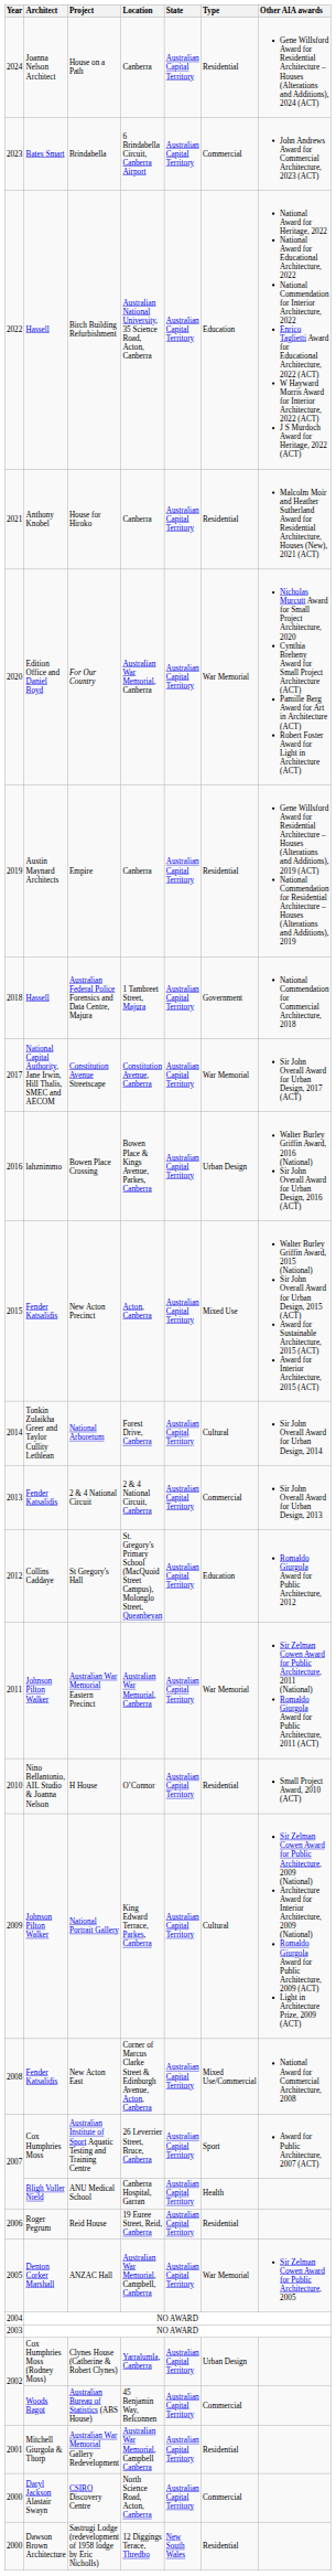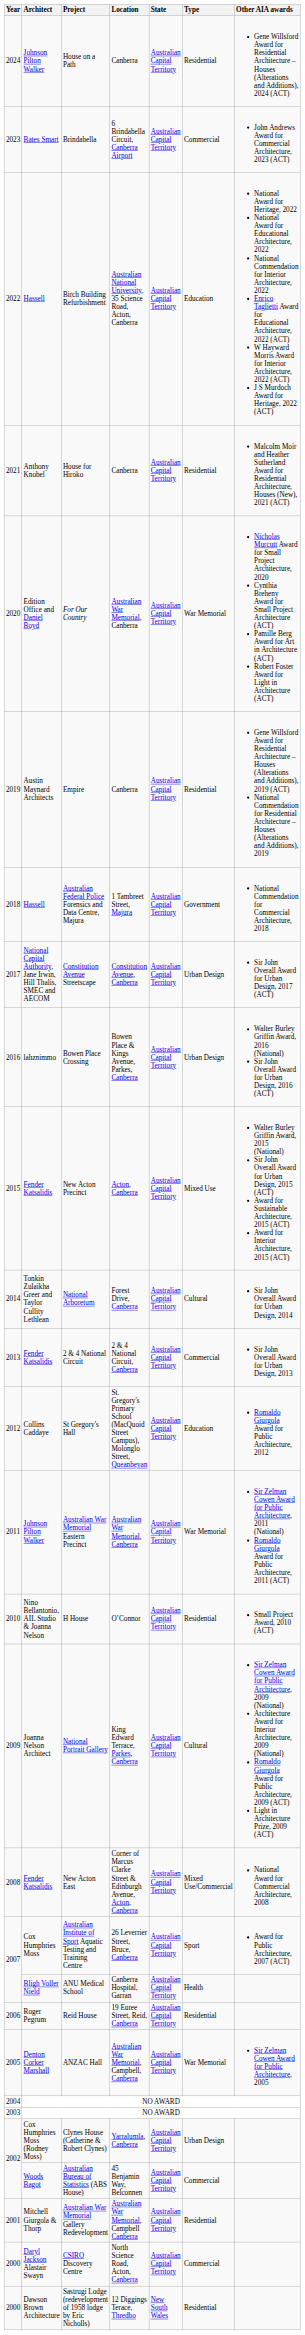 <table class="wikitable sortable">
 <tr>
 <th style="text-align:left;">Year</th>
 <th style="text-align:left;">Architect</th>
 <th style="text-align:left;">Project</th>
 <th style="text-align:left;">Location</th>
 <th style="text-align:left;">State</th>
 <th style="text-align:left;">Type</th>
 <th style="text-align:left;">Other AIA awards</th>
 </tr>
 <tr>
 <td>2024</td>
-<td>Joanna Nelson Architect</td>
+<td><a href='#'>Johnson Pilton Walker</a></td>
 <td>House on a Path</td>
 <td>Canberra</td>
 <td><a href='#'>Australian Capital Territory</a></td>
 <td>Residential</td>
 <td><br><ul><li>Gene Willsford Award for Residential Architecture – Houses (Alterations and Additions), 2024 (ACT)</li></ul></td>
 </tr>
 <tr>
 <td>2023</td>
 <td><a href='#'>Bates Smart</a></td>
 <td>Brindabella</td>
 <td>6 Brindabella Circuit, <a href='#'>Canberra Airport</a></td>
 <td><a href='#'>Australian Capital Territory</a></td>
 <td>Commercial</td>
 <td><br><ul><li>John Andrews Award for Commercial Architecture, 2023 (ACT)</li></ul></td>
 </tr>
 <tr>
 <td>2022</td>
 <td><a href='#'>Hassell</a></td>
 <td>Birch Building Refurbishment</td>
 <td><a href='#'>Australian National University</a>, 35 Science Road, Acton, Canberra</td>
 <td><a href='#'>Australian Capital Territory</a></td>
 <td>Education</td>
 <td><br><ul><li>National Award for Heritage, 2022</li><li>National Award for Educational Architecture, 2022</li><li>National Commendation for Interior Architecture, 2022</li><li><a href='#'>Enrico Taglietti</a> Award for Educational Architecture, 2022 (ACT)</li><li>W Hayward Morris Award for Interior Architecture, 2022 (ACT)</li><li>J S Murdoch Award for Heritage, 2022 (ACT)</li></ul></td>
 </tr>
 <tr>
 <td>2021</td>
 <td>Anthony Knobel</td>
 <td>House for Hiroko</td>
 <td>Canberra</td>
 <td><a href='#'>Australian Capital Territory</a></td>
 <td>Residential</td>
 <td><br><ul><li>Malcolm Moir and Heather Sutherland Award for Residential Architecture, Houses (New), 2021 (ACT)</li></ul></td>
 </tr>
 <tr>
 <td>2020</td>
 <td>Edition Office and <a href='#'>Daniel Boyd</a></td>
 <td><em>For Our Country</em></td>
 <td><a href='#'>Australian War Memorial</a>, Canberra</td>
 <td><a href='#'>Australian Capital Territory</a></td>
 <td>War Memorial</td>
 <td><br><ul><li><a href='#'>Nicholas Murcutt</a> Award for Small Project Architecture, 2020</li><li>Cynthia Breheny Award for Small Project Architecture (ACT)</li><li>Pamille Berg Award for Art in Architecture (ACT)</li><li>Robert Foster Award for Light in Architecture (ACT)</li></ul></td>
 </tr>
 <tr>
 <td>2019</td>
 <td>Austin Maynard Architects</td>
 <td>Empire</td>
 <td>Canberra</td>
 <td><a href='#'>Australian Capital Territory</a></td>
 <td>Residential</td>
 <td><br><ul><li>Gene Willsford Award for Residential Architecture – Houses (Alterations and Additions), 2019 (ACT)</li><li>National Commendation for Residential Architecture – Houses (Alterations and Additions), 2019</li></ul></td>
 </tr>
 <tr>
 <td>2018</td>
 <td><a href='#'>Hassell</a></td>
 <td><a href='#'>Australian Federal Police</a> Forensics and Data Centre, Majura</td>
 <td>1 Tambreet Street, <a href='#'>Majura</a></td>
 <td><a href='#'>Australian Capital Territory</a></td>
 <td>Government</td>
 <td><br><ul><li>National Commendation for Commercial Architecture, 2018</li></ul></td>
 </tr>
 <tr>
 <td>2017</td>
 <td><a href='#'>National Capital Authority</a>, Jane Irwin, Hill Thalis, SMEC and AECOM</td>
 <td><a href='#'>Constitution Avenue</a> Streetscape</td>
 <td><a href='#'>Constitution Avenue</a>, <a href='#'>Canberra</a></td>
 <td><a href='#'>Australian Capital Territory</a></td>
-<td>War Memorial</td>
+<td>Urban Design</td>
 <td><br><ul><li>Sir John Overall Award for Urban Design, 2017 (ACT)</li></ul></td>
 </tr>
 <tr>
 <td>2016</td>
 <td>lahznimmo</td>
 <td>Bowen Place Crossing</td>
 <td>Bowen Place & Kings Avenue, Parkes, <a href='#'>Canberra</a></td>
 <td><a href='#'>Australian Capital Territory</a></td>
 <td>Urban Design</td>
 <td><br><ul><li>Walter Burley Griffin Award, 2016 (National)</li><li>Sir John Overall Award for Urban Design, 2016 (ACT)</li></ul></td>
 </tr>
 <tr>
 <td>2015</td>
 <td><a href='#'>Fender Katsalidis</a></td>
 <td>New Acton Precinct</td>
 <td><a href='#'>Acton</a>, <a href='#'>Canberra</a></td>
 <td><a href='#'>Australian Capital Territory</a></td>
 <td>Mixed Use</td>
 <td><br><ul><li>Walter Burley Griffin Award, 2015 (National)</li><li>Sir John Overall Award for Urban Design, 2015 (ACT)</li><li>Award for Sustainable Architecture, 2015 (ACT)</li><li>Award for Interior Architecture, 2015 (ACT)</li></ul></td>
 </tr>
 <tr>
 <td>2014</td>
 <td>Tonkin Zulaikha Greer and Taylor Cullity Lethlean</td>
 <td><a href='#'>National Arboretum</a></td>
 <td>Forest Drive, <a href='#'>Canberra</a></td>
 <td><a href='#'>Australian Capital Territory</a></td>
 <td>Cultural</td>
 <td><br><ul><li>Sir John Overall Award for Urban Design, 2014</li></ul></td>
 </tr>
 <tr>
 <td>2013</td>
 <td><a href='#'>Fender Katsalidis</a></td>
 <td>2 & 4 National Circuit</td>
 <td>2 & 4 National Circuit, <a href='#'>Canberra</a></td>
 <td><a href='#'>Australian Capital Territory</a></td>
 <td>Commercial</td>
 <td><br><ul><li>Sir John Overall Award for Urban Design, 2013</li></ul></td>
 </tr>
 <tr>
 <td>2012</td>
 <td>Collins Caddaye</td>
 <td>St Gregory's Hall</td>
 <td>St. Gregory's Primary School (MacQuoid Street Campus), Molonglo Street, <a href='#'>Queanbeyan</a></td>
 <td><a href='#'>Australian Capital Territory</a></td>
 <td>Education</td>
 <td><br><ul><li><a href='#'>Romaldo Giurgola</a> Award for Public Architecture, 2012</li></ul></td>
 </tr>
 <tr>
 <td>2011</td>
 <td><a href='#'>Johnson Pilton Walker</a></td>
 <td><a href='#'>Australian War Memorial</a> Eastern Precinct</td>
 <td><a href='#'>Australian War Memorial</a>, <a href='#'>Canberra</a></td>
 <td><a href='#'>Australian Capital Territory</a></td>
 <td>War Memorial</td>
 <td><br><ul><li><a href='#'>Sir Zelman Cowen Award for Public Architecture</a>, 2011 (National)</li><li><a href='#'>Romaldo Giurgola</a> Award for Public Architecture, 2011 (ACT)</li></ul></td>
 </tr>
 <tr>
 <td>2010</td>
 <td>Nino Bellantonio, AIL Studio & Joanna Nelson</td>
 <td>H House</td>
 <td>O’Connor</td>
 <td><a href='#'>Australian Capital Territory</a></td>
 <td>Residential</td>
 <td><br><ul><li>Small Project Award, 2010 (ACT)</li></ul></td>
 </tr>
 <tr>
 <td>2009</td>
-<td><a href='#'>Johnson Pilton Walker</a></td>
+<td>Joanna Nelson Architect</td>
 <td><a href='#'>National Portrait Gallery</a></td>
 <td>King Edward Terrace, <a href='#'>Parkes</a>, <a href='#'>Canberra</a></td>
 <td><a href='#'>Australian Capital Territory</a></td>
 <td>Cultural</td>
 <td><br><ul><li><a href='#'>Sir Zelman Cowen Award for Public Architecture</a>, 2009 (National)</li><li>Architecture Award for Interior Architecture, 2009 (National)</li><li><a href='#'>Romaldo Giurgola</a> Award for Public Architecture, 2009 (ACT)</li><li>Light in Architecture Prize, 2009 (ACT)</li></ul></td>
 </tr>
 <tr>
 <td>2008</td>
 <td><a href='#'>Fender Katsalidis</a></td>
 <td>New Acton East</td>
 <td>Corner of Marcus Clarke Street & Edinburgh Avenue, <a href='#'>Acton</a>, <a href='#'>Canberra</a></td>
 <td><a href='#'>Australian Capital Territory</a></td>
 <td>Mixed Use/Commercial</td>
 <td><br><ul><li>National Award for Commercial Architecture, 2008</li></ul></td>
 </tr>
 <tr>
 <td rowspan=2>2007</td>
 <td>Cox Humphries Moss</td>
 <td><a href='#'>Australian Institute of Sport</a> Aquatic Testing and Training Centre</td>
 <td>26 Leverrier Street, Bruce, <a href='#'>Canberra</a></td>
 <td><a href='#'>Australian Capital Territory</a></td>
 <td>Sport</td>
 <td><br><ul><li>Award for Public Architecture, 2007 (ACT)</li></ul></td>
 </tr>
 <tr>
 <td><a href='#'>Bligh Voller Nield</a></td>
 <td>ANU Medical School</td>
 <td>Canberra Hospital, Garran</td>
 <td><a href='#'>Australian Capital Territory</a></td>
 <td>Health</td>
 <td></td>
 </tr>
 <tr>
 <td>2006</td>
 <td>Roger Pegrum</td>
 <td>Reid House</td>
 <td>19 Euree Street, Reid, <a href='#'>Canberra</a></td>
 <td><a href='#'>Australian Capital Territory</a></td>
 <td>Residential</td>
 <td></td>
 </tr>
 <tr>
 <td>2005</td>
 <td><a href='#'>Denton Corker Marshall</a></td>
 <td>ANZAC Hall</td>
 <td><a href='#'>Australian War Memorial</a>, Campbell, <a href='#'>Canberra</a></td>
 <td><a href='#'>Australian Capital Territory</a></td>
 <td>War Memorial</td>
 <td><br><ul><li><a href='#'>Sir Zelman Cowen Award for Public Architecture</a>, 2005</li></ul></td>
 </tr>
 <tr style="background: white;">
 <td>2004</td>
 <td colspan=6 align=center>NO AWARD</td>
 </tr>
 <tr style="background: white;">
 <td>2003</td>
 <td colspan=6 align=center>NO AWARD</td>
 </tr>
 <tr>
 <td rowspan=2>2002</td>
 <td>Cox Humphries Moss <br>(Rodney Moss)</td>
 <td>Clynes House (Catherine & Robert Clynes)</td>
 <td><a href='#'>Yarralumla</a>, <a href='#'>Canberra</a></td>
 <td><a href='#'>Australian Capital Territory</a></td>
 <td>Urban Design</td>
 <td></td>
 </tr>
 <tr>
 <td><a href='#'>Woods Bagot</a></td>
 <td><a href='#'>Australian Bureau of Statistics</a> (ABS House)</td>
 <td>45 Benjamin Way, Belconnen</td>
 <td><a href='#'>Australian Capital Territory</a></td>
 <td>Commercial</td>
 <td></td>
 </tr>
 <tr>
 <td>2001</td>
 <td>Mitchell Giurgola & Thorp</td>
 <td><a href='#'>Australian War Memorial</a> Gallery Redevelopment</td>
 <td><a href='#'>Australian War Memorial</a>, Campbell <a href='#'>Canberra</a></td>
 <td><a href='#'>Australian Capital Territory</a></td>
 <td>Residential</td>
 <td></td>
 </tr>
 <tr>
 <td>2000</td>
 <td><a href='#'>Daryl Jackson</a> Alastair Swayn</td>
 <td><a href='#'>CSIRO</a> Discovery Centre</td>
 <td>North Science Road, Acton, <a href='#'>Canberra</a></td>
 <td><a href='#'>Australian Capital Territory</a></td>
 <td>Commercial</td>
 <td></td>
 </tr>
 <tr>
 <td>2000</td>
 <td>Dawson Brown Architecture</td>
 <td>Sastrugi Lodge (redevelopment of 1958 lodge by Eric Nicholls)</td>
 <td>12 Diggings Terace, <a href='#'>Thredbo</a></td>
 <td><a href='#'>New South Wales</a></td>
 <td>Residential</td>
 <td></td>
 </tr>
 </table>
